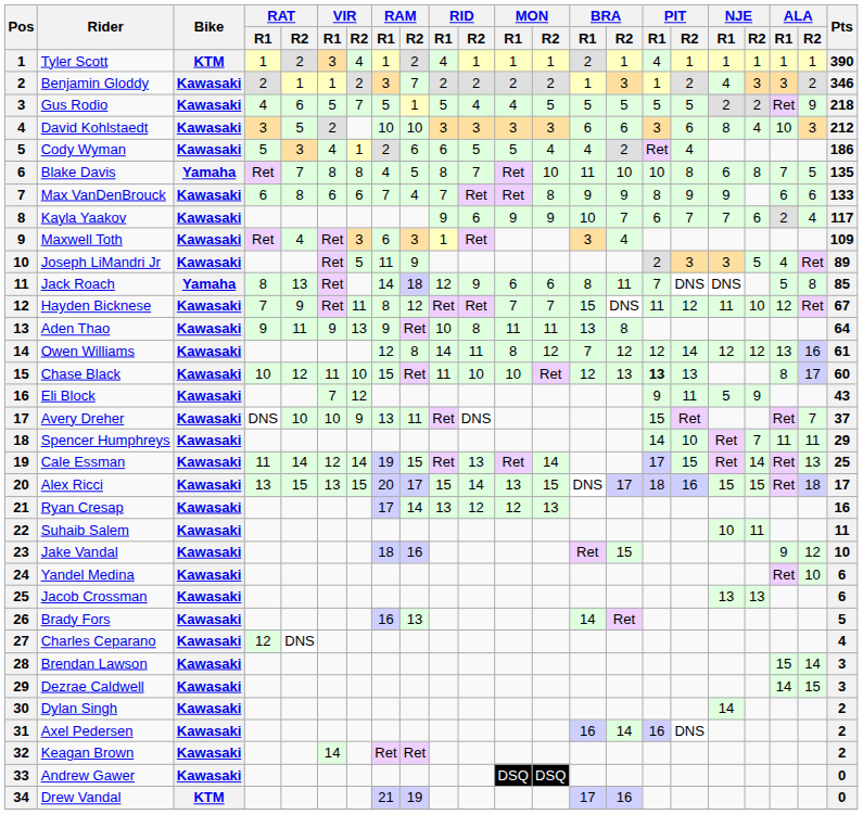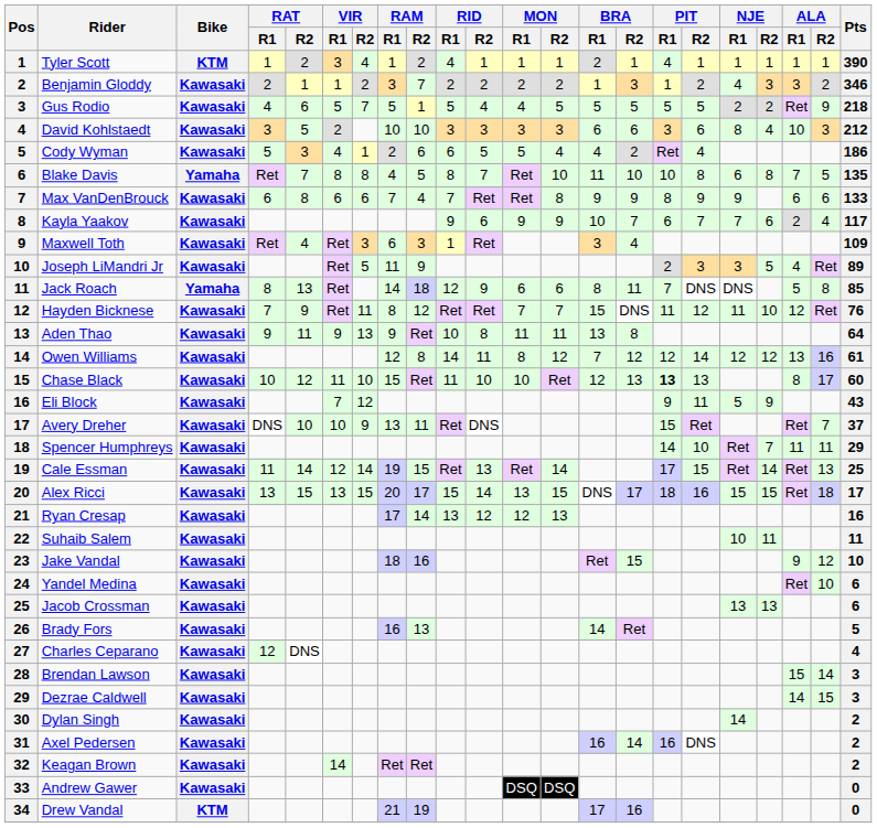 <table class="wikitable" style="font-size: 85%; text-align: center;">
 <tr valign="top">
 <th valign="middle" rowspan=2>Pos</th>
 <th valign="middle" rowspan=2>Rider</th>
 <th valign="middle" rowspan=2>Bike</th>
 <th colspan=2><a href='#'>RAT</a><br></th>
 <th colspan=2><a href='#'>VIR</a><br></th>
 <th colspan=2><a href='#'>RAM</a><br></th>
 <th colspan=2><a href='#'>RID</a><br></th>
 <th colspan=2><a href='#'>MON</a><br></th>
 <th colspan=2><a href='#'>BRA</a><br></th>
 <th colspan=2><a href='#'>PIT</a><br></th>
 <th colspan=2><a href='#'>NJE</a><br></th>
 <th colspan=2><a href='#'>ALA</a><br></th>
 <th valign="middle" rowspan=2>Pts</th>
 </tr>
 <tr>
 <th>R1</th>
 <th>R2</th>
 <th>R1</th>
 <th>R2</th>
 <th>R1</th>
 <th>R2</th>
 <th>R1</th>
 <th>R2</th>
 <th>R1</th>
 <th>R2</th>
 <th>R1</th>
 <th>R2</th>
 <th>R1</th>
 <th>R2</th>
 <th>R1</th>
 <th>R2</th>
 <th>R1</th>
 <th>R2</th>
 </tr>
 <tr>
 <th>1</th>
 <td align=left> <a href='#'>Tyler Scott</a></td>
 <th><a href='#'>KTM</a></th>
 <td style="background:#ffffbf;">1</td>
 <td style="background:#dfdfdf;">2</td>
 <td style="background:#ffdf9f;">3</td>
 <td style="background:#dfffdf;">4</td>
 <td style="background:#ffffbf;">1</td>
 <td style="background:#dfdfdf;">2</td>
 <td style="background:#dfffdf;">4</td>
 <td style="background:#ffffbf;">1</td>
 <td style="background:#ffffbf;">1</td>
 <td style="background:#ffffbf;">1</td>
 <td style="background:#dfdfdf;">2</td>
 <td style="background:#ffffbf;">1</td>
 <td style="background:#dfffdf;">4</td>
 <td style="background:#ffffbf;">1</td>
 <td style="background:#ffffbf;">1</td>
 <td style="background:#ffffbf;">1</td>
 <td style="background:#ffffbf;">1</td>
 <td style="background:#ffffbf;">1</td>
 <th>390</th>
 </tr>
 <tr>
 <th>2</th>
 <td align=left> <a href='#'>Benjamin Gloddy</a></td>
 <th><a href='#'>Kawasaki</a></th>
 <td style="background:#dfdfdf;">2</td>
 <td style="background:#ffffbf;">1</td>
 <td style="background:#ffffbf;">1</td>
 <td style="background:#dfdfdf;">2</td>
 <td style="background:#ffdf9f;">3</td>
 <td style="background:#dfffdf;">7</td>
 <td style="background:#dfdfdf;">2</td>
 <td style="background:#dfdfdf;">2</td>
 <td style="background:#dfdfdf;">2</td>
 <td style="background:#dfdfdf;">2</td>
 <td style="background:#ffffbf;">1</td>
 <td style="background:#ffdf9f;">3</td>
 <td style="background:#ffffbf;">1</td>
 <td style="background:#dfdfdf;">2</td>
 <td style="background:#dfffdf;">4</td>
 <td style="background:#ffdf9f;">3</td>
 <td style="background:#ffdf9f;">3</td>
 <td style="background:#dfdfdf;">2</td>
 <th>346</th>
 </tr>
 <tr>
 <th>3</th>
 <td align=left> <a href='#'>Gus Rodio</a></td>
 <th><a href='#'>Kawasaki</a></th>
 <td style="background:#dfffdf;">4</td>
 <td style="background:#dfffdf;">6</td>
 <td style="background:#dfffdf;">5</td>
 <td style="background:#dfffdf;">7</td>
 <td style="background:#dfffdf;">5</td>
 <td style="background:#ffffbf;">1</td>
 <td style="background:#dfffdf;">5</td>
 <td style="background:#dfffdf;">4</td>
 <td style="background:#dfffdf;">4</td>
 <td style="background:#dfffdf;">5</td>
 <td style="background:#dfffdf;">5</td>
 <td style="background:#dfffdf;">5</td>
 <td style="background:#dfffdf;">5</td>
 <td style="background:#dfffdf;">5</td>
 <td style="background:#dfdfdf;">2</td>
 <td style="background:#dfdfdf;">2</td>
 <td style="background:#efcfff;">Ret</td>
 <td style="background:#dfffdf;">9</td>
 <th>218</th>
 </tr>
 <tr>
 <th>4</th>
 <td align=left> <a href='#'>David Kohlstaedt</a></td>
 <th><a href='#'>Kawasaki</a></th>
 <td style="background:#ffdf9f;">3</td>
 <td style="background:#dfffdf;">5</td>
 <td style="background:#dfdfdf;">2</td>
 <td></td>
 <td style="background:#dfffdf;">10</td>
 <td style="background:#dfffdf;">10</td>
 <td style="background:#ffdf9f;">3</td>
 <td style="background:#ffdf9f;">3</td>
 <td style="background:#ffdf9f;">3</td>
 <td style="background:#ffdf9f;">3</td>
 <td style="background:#dfffdf;">6</td>
 <td style="background:#dfffdf;">6</td>
 <td style="background:#ffdf9f;">3</td>
 <td style="background:#dfffdf;">6</td>
 <td style="background:#dfffdf;">8</td>
 <td style="background:#dfffdf;">4</td>
 <td style="background:#dfffdf;">10</td>
 <td style="background:#ffdf9f;">3</td>
 <th>212</th>
 </tr>
 <tr>
 <th>5</th>
 <td align=left> <a href='#'>Cody Wyman</a></td>
 <th><a href='#'>Kawasaki</a></th>
 <td style="background:#dfffdf;">5</td>
 <td style="background:#ffdf9f;">3</td>
 <td style="background:#dfffdf;">4</td>
 <td style="background:#ffffbf;">1</td>
 <td style="background:#dfdfdf;">2</td>
 <td style="background:#dfffdf;">6</td>
 <td style="background:#dfffdf;">6</td>
 <td style="background:#dfffdf;">5</td>
 <td style="background:#dfffdf;">5</td>
 <td style="background:#dfffdf;">4</td>
 <td style="background:#dfffdf;">4</td>
 <td style="background:#dfdfdf;">2</td>
 <td style="background:#efcfff;">Ret</td>
 <td style="background:#dfffdf;">4</td>
 <td></td>
 <td></td>
 <td></td>
 <td></td>
 <th>186</th>
 </tr>
 <tr>
 <th>6</th>
 <td align=left> <a href='#'>Blake Davis</a></td>
 <th><a href='#'>Yamaha</a></th>
 <td style="background:#efcfff;">Ret</td>
 <td style="background:#dfffdf;">7</td>
 <td style="background:#dfffdf;">8</td>
 <td style="background:#dfffdf;">8</td>
 <td style="background:#dfffdf;">4</td>
 <td style="background:#dfffdf;">5</td>
 <td style="background:#dfffdf;">8</td>
 <td style="background:#dfffdf;">7</td>
 <td style="background:#efcfff;">Ret</td>
 <td style="background:#dfffdf;">10</td>
 <td style="background:#dfffdf;">11</td>
 <td style="background:#dfffdf;">10</td>
 <td style="background:#dfffdf;">10</td>
 <td style="background:#dfffdf;">8</td>
 <td style="background:#dfffdf;">6</td>
 <td style="background:#dfffdf;">8</td>
 <td style="background:#dfffdf;">7</td>
 <td style="background:#dfffdf;">5</td>
 <th>135</th>
 </tr>
 <tr>
 <th>7</th>
 <td align=left> <a href='#'>Max VanDenBrouck</a></td>
 <th><a href='#'>Kawasaki</a></th>
 <td style="background:#dfffdf;">6</td>
 <td style="background:#dfffdf;">8</td>
 <td style="background:#dfffdf;">6</td>
 <td style="background:#dfffdf;">6</td>
 <td style="background:#dfffdf;">7</td>
 <td style="background:#dfffdf;">4</td>
 <td style="background:#dfffdf;">7</td>
 <td style="background:#efcfff;">Ret</td>
 <td style="background:#efcfff;">Ret</td>
 <td style="background:#dfffdf;">8</td>
 <td style="background:#dfffdf;">9</td>
 <td style="background:#dfffdf;">9</td>
 <td style="background:#dfffdf;">8</td>
 <td style="background:#dfffdf;">9</td>
 <td style="background:#dfffdf;">9</td>
 <td></td>
 <td style="background:#dfffdf;">6</td>
 <td style="background:#dfffdf;">6</td>
 <th>133</th>
 </tr>
 <tr>
 <th>8</th>
 <td align=left> <a href='#'>Kayla Yaakov</a></td>
 <th><a href='#'>Kawasaki</a></th>
 <td></td>
 <td></td>
 <td></td>
 <td></td>
 <td></td>
 <td></td>
 <td style="background:#dfffdf;">9</td>
 <td style="background:#dfffdf;">6</td>
 <td style="background:#dfffdf;">9</td>
 <td style="background:#dfffdf;">9</td>
 <td style="background:#dfffdf;">10</td>
 <td style="background:#dfffdf;">7</td>
 <td style="background:#dfffdf;">6</td>
 <td style="background:#dfffdf;">7</td>
 <td style="background:#dfffdf;">7</td>
 <td style="background:#dfffdf;">6</td>
 <td style="background:#dfdfdf;">2</td>
 <td style="background:#dfffdf;">4</td>
 <th>117</th>
 </tr>
 <tr>
 <th>9</th>
 <td align=left> <a href='#'>Maxwell Toth</a></td>
 <th><a href='#'>Kawasaki</a></th>
 <td style="background:#efcfff;">Ret</td>
 <td style="background:#dfffdf;">4</td>
 <td style="background:#efcfff;">Ret</td>
 <td style="background:#ffdf9f;">3</td>
 <td style="background:#dfffdf;">6</td>
 <td style="background:#ffdf9f;">3</td>
 <td style="background:#ffffbf;">1</td>
 <td style="background:#efcfff;">Ret</td>
 <td></td>
 <td></td>
 <td style="background:#ffdf9f;">3</td>
 <td style="background:#dfffdf;">4</td>
 <td></td>
 <td></td>
 <td></td>
 <td></td>
 <td></td>
 <td></td>
 <th>109</th>
 </tr>
 <tr>
 <th>10</th>
 <td align=left> <a href='#'>Joseph LiMandri Jr</a></td>
 <th><a href='#'>Kawasaki</a></th>
 <td></td>
 <td></td>
 <td style="background:#efcfff;">Ret</td>
 <td style="background:#dfffdf;">5</td>
 <td style="background:#dfffdf;">11</td>
 <td style="background:#dfffdf;">9</td>
 <td></td>
 <td></td>
 <td></td>
 <td></td>
 <td></td>
 <td></td>
 <td style="background:#dfdfdf;">2</td>
 <td style="background:#ffdf9f;">3</td>
 <td style="background:#ffdf9f;">3</td>
 <td style="background:#dfffdf;">5</td>
 <td style="background:#dfffdf;">4</td>
 <td style="background:#efcfff;">Ret</td>
 <th>89</th>
 </tr>
 <tr>
 <th>11</th>
 <td align=left> <a href='#'>Jack Roach</a></td>
 <th><a href='#'>Yamaha</a></th>
 <td style="background:#dfffdf;">8</td>
 <td style="background:#dfffdf;">13</td>
 <td style="background:#efcfff;">Ret</td>
 <td></td>
 <td style="background:#dfffdf;">14</td>
 <td style="background:#cfcfff;">18</td>
 <td style="background:#dfffdf;">12</td>
 <td style="background:#dfffdf;">9</td>
 <td style="background:#dfffdf;">6</td>
 <td style="background:#dfffdf;">6</td>
 <td style="background:#dfffdf;">8</td>
 <td style="background:#dfffdf;">11</td>
 <td style="background:#dfffdf;">7</td>
 <td style="background:#ffffff;">DNS</td>
 <td style="background:#ffffff;">DNS</td>
 <td></td>
 <td style="background:#dfffdf;">5</td>
 <td style="background:#dfffdf;">8</td>
 <th>85</th>
 </tr>
 <tr>
 <th>12</th>
 <td align=left> <a href='#'>Hayden Bicknese</a></td>
 <th><a href='#'>Kawasaki</a></th>
 <td style="background:#dfffdf;">7</td>
 <td style="background:#dfffdf;">9</td>
 <td style="background:#efcfff;">Ret</td>
 <td style="background:#dfffdf;">11</td>
 <td style="background:#dfffdf;">8</td>
 <td style="background:#dfffdf;">12</td>
 <td style="background:#efcfff;">Ret</td>
 <td style="background:#efcfff;">Ret</td>
 <td style="background:#dfffdf;">7</td>
 <td style="background:#dfffdf;">7</td>
 <td style="background:#dfffdf;">15</td>
 <td style="background:#ffffff;">DNS</td>
 <td style="background:#dfffdf;">11</td>
 <td style="background:#dfffdf;">12</td>
 <td style="background:#dfffdf;">11</td>
 <td style="background:#dfffdf;">10</td>
 <td style="background:#dfffdf;">12</td>
 <td style="background:#efcfff;">Ret</td>
-<th>67</th>
+<th>76</th>
 </tr>
 <tr>
 <th>13</th>
 <td align=left> <a href='#'>Aden Thao</a></td>
 <th><a href='#'>Kawasaki</a></th>
 <td style="background:#dfffdf;">9</td>
 <td style="background:#dfffdf;">11</td>
 <td style="background:#dfffdf;">9</td>
 <td style="background:#dfffdf;">13</td>
 <td style="background:#dfffdf;">9</td>
 <td style="background:#efcfff;">Ret</td>
 <td style="background:#dfffdf;">10</td>
 <td style="background:#dfffdf;">8</td>
 <td style="background:#dfffdf;">11</td>
 <td style="background:#dfffdf;">11</td>
 <td style="background:#dfffdf;">13</td>
 <td style="background:#dfffdf;">8</td>
 <td></td>
 <td></td>
 <td></td>
 <td></td>
 <td></td>
 <td></td>
 <th>64</th>
 </tr>
 <tr>
 <th>14</th>
 <td align=left> <a href='#'>Owen Williams</a></td>
 <th><a href='#'>Kawasaki</a></th>
 <td></td>
 <td></td>
 <td></td>
 <td></td>
 <td style="background:#dfffdf;">12</td>
 <td style="background:#dfffdf;">8</td>
 <td style="background:#dfffdf;">14</td>
 <td style="background:#dfffdf;">11</td>
 <td style="background:#dfffdf;">8</td>
 <td style="background:#dfffdf;">12</td>
 <td style="background:#dfffdf;">7</td>
 <td style="background:#dfffdf;">12</td>
 <td style="background:#dfffdf;">12</td>
 <td style="background:#dfffdf;">14</td>
 <td style="background:#dfffdf;">12</td>
 <td style="background:#dfffdf;">12</td>
 <td style="background:#dfffdf;">13</td>
 <td style="background:#cfcfff;">16</td>
 <th>61</th>
 </tr>
 <tr>
 <th>15</th>
 <td align=left> <a href='#'>Chase Black</a></td>
 <th><a href='#'>Kawasaki</a></th>
 <td style="background:#dfffdf;">10</td>
 <td style="background:#dfffdf;">12</td>
 <td style="background:#dfffdf;">11</td>
 <td style="background:#dfffdf;">10</td>
 <td style="background:#dfffdf;">15</td>
 <td style="background:#efcfff;">Ret</td>
 <td style="background:#dfffdf;">11</td>
 <td style="background:#dfffdf;">10</td>
 <td style="background:#dfffdf;">10</td>
 <td style="background:#efcfff;">Ret</td>
 <td style="background:#dfffdf;">12</td>
 <td style="background:#dfffdf;">13</td>
 <td style="background:#dfffdf;"><strong>13</strong></td>
 <td style="background:#dfffdf;">13</td>
 <td></td>
 <td></td>
 <td style="background:#dfffdf;">8</td>
 <td style="background:#cfcfff;">17</td>
 <th>60</th>
 </tr>
 <tr>
 <th>16</th>
 <td align=left> <a href='#'>Eli Block</a></td>
 <th><a href='#'>Kawasaki</a></th>
 <td></td>
 <td></td>
 <td style="background:#dfffdf;">7</td>
 <td style="background:#dfffdf;">12</td>
 <td></td>
 <td></td>
 <td></td>
 <td></td>
 <td></td>
 <td></td>
 <td></td>
 <td></td>
 <td style="background:#dfffdf;">9</td>
 <td style="background:#dfffdf;">11</td>
 <td style="background:#dfffdf;">5</td>
 <td style="background:#dfffdf;">9</td>
 <td></td>
 <td></td>
 <th>43</th>
 </tr>
 <tr>
 <th>17</th>
 <td align=left> <a href='#'>Avery Dreher</a></td>
 <th><a href='#'>Kawasaki</a></th>
 <td style="background:#ffffff;">DNS</td>
 <td style="background:#dfffdf;">10</td>
 <td style="background:#dfffdf;">10</td>
 <td style="background:#dfffdf;">9</td>
 <td style="background:#dfffdf;">13</td>
 <td style="background:#dfffdf;">11</td>
 <td style="background:#efcfff;">Ret</td>
 <td style="background:#ffffff;">DNS</td>
 <td></td>
 <td></td>
 <td></td>
 <td></td>
 <td style="background:#dfffdf;">15</td>
 <td style="background:#efcfff;">Ret</td>
 <td></td>
 <td></td>
 <td style="background:#efcfff;">Ret</td>
 <td style="background:#dfffdf;">7</td>
 <th>37</th>
 </tr>
 <tr>
 <th>18</th>
 <td align=left> <a href='#'>Spencer Humphreys</a></td>
 <th><a href='#'>Kawasaki</a></th>
 <td></td>
 <td></td>
 <td></td>
 <td></td>
 <td></td>
 <td></td>
 <td></td>
 <td></td>
 <td></td>
 <td></td>
 <td></td>
 <td></td>
 <td style="background:#dfffdf;">14</td>
 <td style="background:#dfffdf;">10</td>
 <td style="background:#efcfff;">Ret</td>
 <td style="background:#dfffdf;">7</td>
 <td style="background:#dfffdf;">11</td>
 <td style="background:#dfffdf;">11</td>
 <th>29</th>
 </tr>
 <tr>
 <th>19</th>
 <td align=left> <a href='#'>Cale Essman</a></td>
 <th><a href='#'>Kawasaki</a></th>
 <td style="background:#dfffdf;">11</td>
 <td style="background:#dfffdf;">14</td>
 <td style="background:#dfffdf;">12</td>
 <td style="background:#dfffdf;">14</td>
 <td style="background:#cfcfff;">19</td>
 <td style="background:#dfffdf;">15</td>
 <td style="background:#efcfff;">Ret</td>
 <td style="background:#dfffdf;">13</td>
 <td style="background:#efcfff;">Ret</td>
 <td style="background:#dfffdf;">14</td>
 <td></td>
 <td></td>
 <td style="background:#cfcfff;">17</td>
 <td style="background:#dfffdf;">15</td>
 <td style="background:#efcfff;">Ret</td>
 <td style="background:#dfffdf;">14</td>
 <td style="background:#efcfff;">Ret</td>
 <td style="background:#dfffdf;">13</td>
 <th>25</th>
 </tr>
 <tr>
 <th>20</th>
 <td align=left> <a href='#'>Alex Ricci</a></td>
 <th><a href='#'>Kawasaki</a></th>
 <td style="background:#dfffdf;">13</td>
 <td style="background:#dfffdf;">15</td>
 <td style="background:#dfffdf;">13</td>
 <td style="background:#dfffdf;">15</td>
 <td style="background:#cfcfff;">20</td>
 <td style="background:#cfcfff;">17</td>
 <td style="background:#dfffdf;">15</td>
 <td style="background:#dfffdf;">14</td>
 <td style="background:#dfffdf;">13</td>
 <td style="background:#dfffdf;">15</td>
 <td style="background:#ffffff;">DNS</td>
 <td style="background:#cfcfff;">17</td>
 <td style="background:#cfcfff;">18</td>
 <td style="background:#cfcfff;">16</td>
 <td style="background:#dfffdf;">15</td>
 <td style="background:#dfffdf;">15</td>
 <td style="background:#efcfff;">Ret</td>
 <td style="background:#cfcfff;">18</td>
 <th>17</th>
 </tr>
 <tr>
 <th>21</th>
 <td align=left> <a href='#'>Ryan Cresap</a></td>
 <th><a href='#'>Kawasaki</a></th>
 <td></td>
 <td></td>
 <td></td>
 <td></td>
 <td style="background:#cfcfff;">17</td>
 <td style="background:#dfffdf;">14</td>
 <td style="background:#dfffdf;">13</td>
 <td style="background:#dfffdf;">12</td>
 <td style="background:#dfffdf;">12</td>
 <td style="background:#dfffdf;">13</td>
 <td></td>
 <td></td>
 <td></td>
 <td></td>
 <td></td>
 <td></td>
 <td></td>
 <td></td>
 <th>16</th>
 </tr>
 <tr>
 <th>22</th>
 <td align=left> <a href='#'>Suhaib Salem</a></td>
 <th><a href='#'>Kawasaki</a></th>
 <td></td>
 <td></td>
 <td></td>
 <td></td>
 <td></td>
 <td></td>
 <td></td>
 <td></td>
 <td></td>
 <td></td>
 <td></td>
 <td></td>
 <td></td>
 <td></td>
 <td style="background:#dfffdf;">10</td>
 <td style="background:#dfffdf;">11</td>
 <td></td>
 <td></td>
 <th>11</th>
 </tr>
 <tr>
 <th>23</th>
 <td align=left> <a href='#'>Jake Vandal</a></td>
 <th><a href='#'>Kawasaki</a></th>
 <td></td>
 <td></td>
 <td></td>
 <td></td>
 <td style="background:#cfcfff;">18</td>
 <td style="background:#cfcfff;">16</td>
 <td></td>
 <td></td>
 <td></td>
 <td></td>
 <td style="background:#efcfff;">Ret</td>
 <td style="background:#dfffdf;">15</td>
 <td></td>
 <td></td>
 <td></td>
 <td></td>
 <td style="background:#dfffdf;">9</td>
 <td style="background:#dfffdf;">12</td>
 <th>10</th>
 </tr>
 <tr>
 <th>24</th>
 <td align=left> <a href='#'>Yandel Medina</a></td>
 <th><a href='#'>Kawasaki</a></th>
 <td></td>
 <td></td>
 <td></td>
 <td></td>
 <td></td>
 <td></td>
 <td></td>
 <td></td>
 <td></td>
 <td></td>
 <td></td>
 <td></td>
 <td></td>
 <td></td>
 <td></td>
 <td></td>
 <td style="background:#efcfff;">Ret</td>
 <td style="background:#dfffdf;">10</td>
 <th>6</th>
 </tr>
 <tr>
 <th>25</th>
 <td align=left> <a href='#'>Jacob Crossman</a></td>
 <th><a href='#'>Kawasaki</a></th>
 <td></td>
 <td></td>
 <td></td>
 <td></td>
 <td></td>
 <td></td>
 <td></td>
 <td></td>
 <td></td>
 <td></td>
 <td></td>
 <td></td>
 <td></td>
 <td></td>
 <td style="background:#dfffdf;">13</td>
 <td style="background:#dfffdf;">13</td>
 <td></td>
 <td></td>
 <th>6</th>
 </tr>
 <tr>
 <th>26</th>
 <td align=left> <a href='#'>Brady Fors</a></td>
 <th><a href='#'>Kawasaki</a></th>
 <td></td>
 <td></td>
 <td></td>
 <td></td>
 <td style="background:#cfcfff;">16</td>
 <td style="background:#dfffdf;">13</td>
 <td></td>
 <td></td>
 <td></td>
 <td></td>
 <td style="background:#dfffdf;">14</td>
 <td style="background:#efcfff;">Ret</td>
 <td></td>
 <td></td>
 <td></td>
 <td></td>
 <td></td>
 <td></td>
 <th>5</th>
 </tr>
 <tr>
 <th>27</th>
 <td align=left> <a href='#'>Charles Ceparano</a></td>
 <th><a href='#'>Kawasaki</a></th>
 <td style="background:#dfffdf;">12</td>
 <td style="background:#ffffff;">DNS</td>
 <td></td>
 <td></td>
 <td></td>
 <td></td>
 <td></td>
 <td></td>
 <td></td>
 <td></td>
 <td></td>
 <td></td>
 <td></td>
 <td></td>
 <td></td>
 <td></td>
 <td></td>
 <td></td>
 <th>4</th>
 </tr>
 <tr>
 <th>28</th>
 <td align=left> <a href='#'>Brendan Lawson</a></td>
 <th><a href='#'>Kawasaki</a></th>
 <td></td>
 <td></td>
 <td></td>
 <td></td>
 <td></td>
 <td></td>
 <td></td>
 <td></td>
 <td></td>
 <td></td>
 <td></td>
 <td></td>
 <td></td>
 <td></td>
 <td></td>
 <td></td>
 <td style="background:#dfffdf;">15</td>
 <td style="background:#dfffdf;">14</td>
 <th>3</th>
 </tr>
 <tr>
 <th>29</th>
 <td align=left> <a href='#'>Dezrae Caldwell</a></td>
 <th><a href='#'>Kawasaki</a></th>
 <td></td>
 <td></td>
 <td></td>
 <td></td>
 <td></td>
 <td></td>
 <td></td>
 <td></td>
 <td></td>
 <td></td>
 <td></td>
 <td></td>
 <td></td>
 <td></td>
 <td></td>
 <td></td>
 <td style="background:#dfffdf;">14</td>
 <td style="background:#dfffdf;">15</td>
 <th>3</th>
 </tr>
 <tr>
 <th>30</th>
 <td align=left> <a href='#'>Dylan Singh</a></td>
 <th><a href='#'>Kawasaki</a></th>
 <td></td>
 <td></td>
 <td></td>
 <td></td>
 <td></td>
 <td></td>
 <td></td>
 <td></td>
 <td></td>
 <td></td>
 <td></td>
 <td></td>
 <td></td>
 <td></td>
 <td style="background:#dfffdf;">14</td>
 <td></td>
 <td></td>
 <td></td>
 <th>2</th>
 </tr>
 <tr>
 <th>31</th>
 <td align=left> <a href='#'>Axel Pedersen</a></td>
 <th><a href='#'>Kawasaki</a></th>
 <td></td>
 <td></td>
 <td></td>
 <td></td>
 <td></td>
 <td></td>
 <td></td>
 <td></td>
 <td></td>
 <td></td>
 <td style="background:#cfcfff;">16</td>
 <td style="background:#dfffdf;">14</td>
 <td style="background:#cfcfff;">16</td>
 <td style="background:#ffffff;">DNS</td>
 <td></td>
 <td></td>
 <td></td>
 <td></td>
 <th>2</th>
 </tr>
 <tr>
 <th>32</th>
 <td align=left> <a href='#'>Keagan Brown</a></td>
 <th><a href='#'>Kawasaki</a></th>
 <td></td>
 <td></td>
 <td style="background:#dfffdf;">14</td>
 <td></td>
 <td style="background:#efcfff;">Ret</td>
 <td style="background:#efcfff;">Ret</td>
 <td></td>
 <td></td>
 <td></td>
 <td></td>
 <td></td>
 <td></td>
 <td></td>
 <td></td>
 <td></td>
 <td></td>
 <td></td>
 <td></td>
 <th>2</th>
 </tr>
 <tr>
 <th>33</th>
 <td align=left> <a href='#'>Andrew Gawer</a></td>
 <th><a href='#'>Kawasaki</a></th>
 <td></td>
 <td></td>
 <td></td>
 <td></td>
 <td></td>
 <td></td>
 <td></td>
 <td></td>
 <td style="background:#000000; letter-spacing:0px; color:white">DSQ</td>
 <td style="background:#000000; letter-spacing:0px; color:white">DSQ</td>
 <td></td>
 <td></td>
 <td></td>
 <td></td>
 <td></td>
 <td></td>
 <td></td>
 <td></td>
 <th>0</th>
 </tr>
 <tr>
 <th>34</th>
 <td align=left> <a href='#'>Drew Vandal</a></td>
 <th><a href='#'>KTM</a></th>
 <td></td>
 <td></td>
 <td></td>
 <td></td>
 <td style="background:#cfcfff;">21</td>
 <td style="background:#cfcfff;">19</td>
 <td></td>
 <td></td>
 <td></td>
 <td></td>
 <td style="background:#cfcfff;">17</td>
 <td style="background:#cfcfff;">16</td>
 <td></td>
 <td></td>
 <td></td>
 <td></td>
 <td></td>
 <td></td>
 <th>0</th>
 </tr>
 <tr>
 </tr>
 </table>
